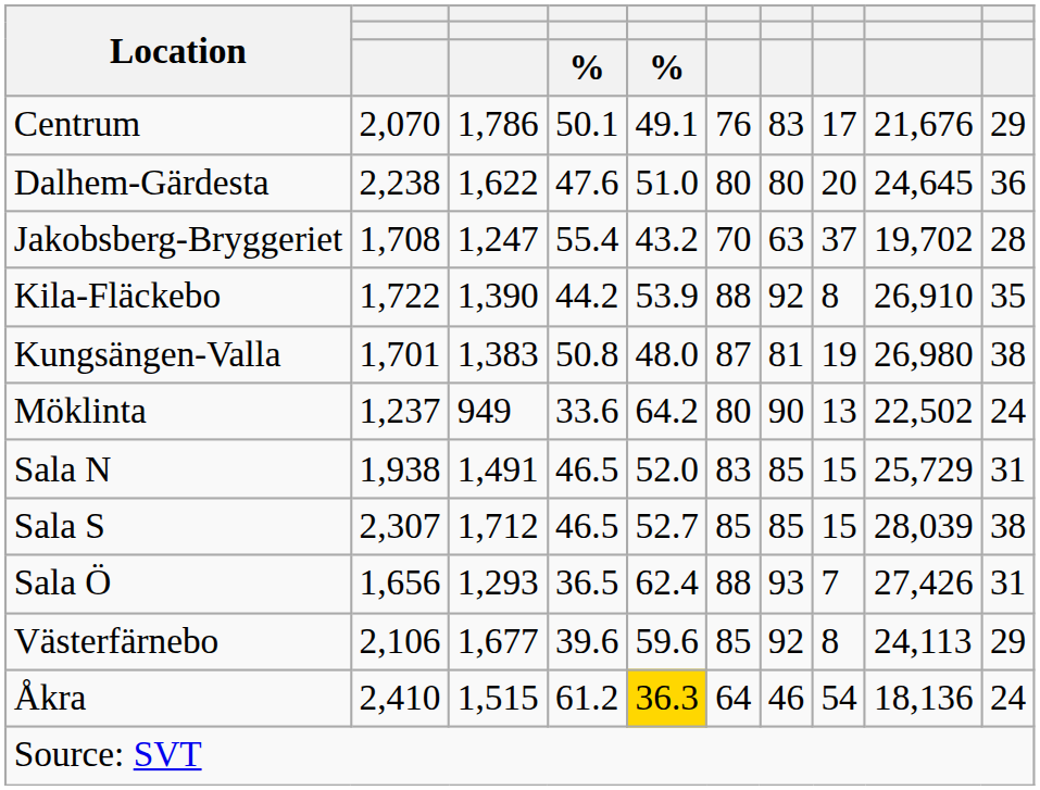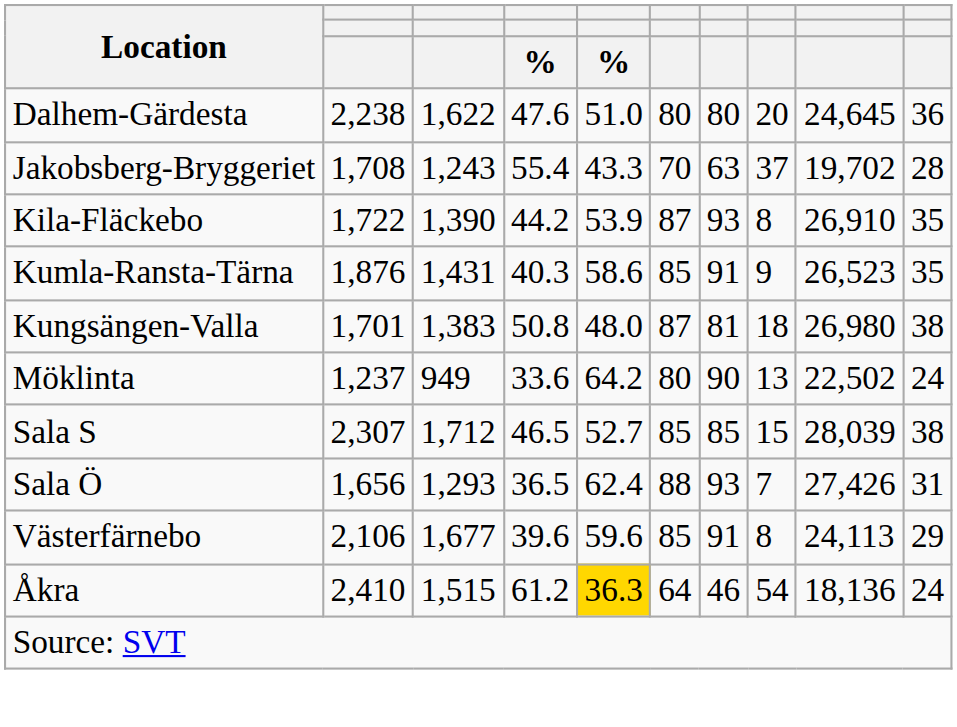 <table role="presentation" class="wikitable sortable mw-collapsible">
 <tr>
 <th rowspan="3">Location</th>
 <th></th>
 <th></th>
 <th></th>
 <th></th>
 <th></th>
 <th></th>
 <th></th>
 <th></th>
 <th></th>
 </tr>
 <tr>
 <th></th>
 <th></th>
 <th style="background:"></th>
 <th style="background:"></th>
 <th></th>
 <th></th>
 <th></th>
 <th></th>
 <th></th>
 </tr>
 <tr>
 <th data-sort-type="number"></th>
 <th data-sort-type="number"></th>
 <th data-sort-type="number">%</th>
 <th data-sort-type="number">%</th>
 <th data-sort-type="number"></th>
 <th data-sort-type="number"></th>
 <th data-sort-type="number"></th>
 <th data-sort-type="number"></th>
 <th data-sort-type="number"></th>
 </tr>
 <tr>
-<td align="left">Centrum</td>
-<td>2,070</td>
-<td>1,786</td>
-<td>50.1</td>
-<td>49.1</td>
-<td>76</td>
-<td>83</td>
-<td>17</td>
-<td>21,676</td>
-<td>29</td>
-</tr>
-<tr>
 <td align="left">Dalhem-Gärdesta</td>
 <td>2,238</td>
 <td>1,622</td>
 <td>47.6</td>
 <td>51.0</td>
 <td>80</td>
 <td>80</td>
 <td>20</td>
 <td>24,645</td>
 <td>36</td>
 </tr>
 <tr>
 <td align="left">Jakobsberg-Bryggeriet</td>
 <td>1,708</td>
-<td>1,247</td>
+<td>1,243</td>
 <td>55.4</td>
-<td>43.2</td>
+<td>43.3</td>
 <td>70</td>
 <td>63</td>
 <td>37</td>
 <td>19,702</td>
 <td>28</td>
 </tr>
 <tr>
 <td align="left">Kila-Fläckebo</td>
 <td>1,722</td>
 <td>1,390</td>
 <td>44.2</td>
 <td>53.9</td>
-<td>88</td>
-<td>92</td>
+<td>87</td>
+<td>93</td>
 <td>8</td>
 <td>26,910</td>
+<td>35</td>
+</tr>
+<tr>
+<td align="left">Kumla-Ransta-Tärna</td>
+<td>1,876</td>
+<td>1,431</td>
+<td>40.3</td>
+<td>58.6</td>
+<td>85</td>
+<td>91</td>
+<td>9</td>
+<td>26,523</td>
 <td>35</td>
 </tr>
 <tr>
 <td align="left">Kungsängen-Valla</td>
 <td>1,701</td>
 <td>1,383</td>
 <td>50.8</td>
 <td>48.0</td>
 <td>87</td>
 <td>81</td>
-<td>19</td>
+<td>18</td>
 <td>26,980</td>
 <td>38</td>
 </tr>
 <tr>
 <td align="left">Möklinta</td>
 <td>1,237</td>
 <td>949</td>
 <td>33.6</td>
 <td>64.2</td>
 <td>80</td>
 <td>90</td>
 <td>13</td>
 <td>22,502</td>
 <td>24</td>
-</tr>
-<tr>
-<td align="left">Sala N</td>
-<td>1,938</td>
-<td>1,491</td>
-<td>46.5</td>
-<td>52.0</td>
-<td>83</td>
-<td>85</td>
-<td>15</td>
-<td>25,729</td>
-<td>31</td>
 </tr>
 <tr>
 <td align="left">Sala S</td>
 <td>2,307</td>
 <td>1,712</td>
 <td>46.5</td>
 <td>52.7</td>
 <td>85</td>
 <td>85</td>
 <td>15</td>
 <td>28,039</td>
 <td>38</td>
 </tr>
 <tr>
 <td align="left">Sala Ö</td>
 <td>1,656</td>
 <td>1,293</td>
 <td>36.5</td>
 <td>62.4</td>
 <td>88</td>
 <td>93</td>
 <td>7</td>
 <td>27,426</td>
 <td>31</td>
 </tr>
 <tr>
 <td align="left">Västerfärnebo</td>
 <td>2,106</td>
 <td>1,677</td>
 <td>39.6</td>
 <td>59.6</td>
 <td>85</td>
-<td>92</td>
+<td>91</td>
 <td>8</td>
 <td>24,113</td>
 <td>29</td>
 </tr>
 <tr>
 <td align="left">Åkra</td>
 <td>2,410</td>
 <td>1,515</td>
 <td>61.2</td>
 <td style="background: gold;">36.3</td>
 <td>64</td>
 <td>46</td>
 <td>54</td>
 <td>18,136</td>
 <td>24</td>
 </tr>
 <tr>
 <td colspan="10" align="left">Source: <a href='#'>SVT</a></td>
 </tr>
 </table>
